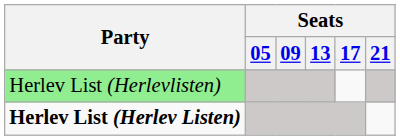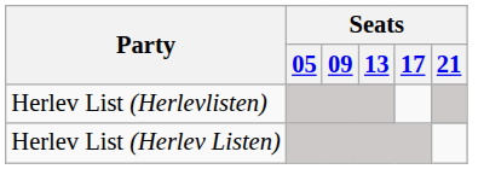 <table class="wikitable">
 <tr>
 <th rowspan=2>Party</th>
 <th colspan=11>Seats</th>
 </tr>
 <tr>
 <th><a href='#'>05</a></th>
 <th><a href='#'>09</a></th>
 <th><a href='#'>13</a></th>
 <th><a href='#'>17</a></th>
 <th><a href='#'>21</a></th>
 </tr>
 <tr>
-<td style="background: lightgreen;">Herlev List <em>(Herlevlisten)</em></td>
+<td>Herlev List <em>(Herlevlisten)</em></td>
 <td style="background:#CDC9C9;" colspan=3></td>
 <td></td>
 <td style="background:#CDC9C9;"></td>
 </tr>
 <tr>
-<td><strong>Herlev List <em>(Herlev Listen)</em></strong></td>
+<td>Herlev List <em>(Herlev Listen)</em></td>
 <td style="background:#CDC9C9;" colspan=4></td>
 <td></td>
 </tr>
 </table>
